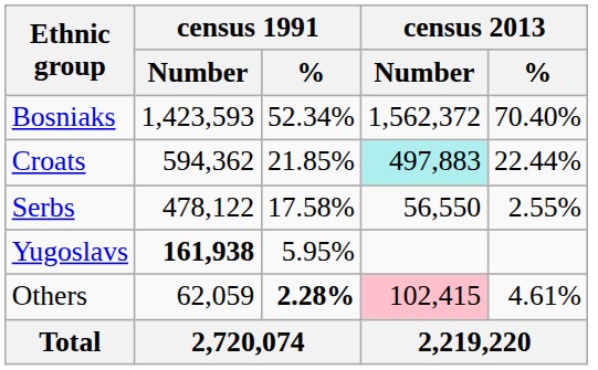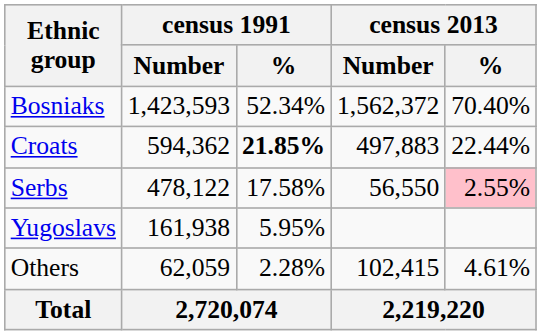 <table class="wikitable">
 <tr>
 <th rowspan="2">Ethnic<br>group</th>
 <th colspan="2">census 1991</th>
 <th colspan="2">census 2013</th>
 </tr>
 <tr>
 <th>Number</th>
 <th>%</th>
 <th>Number</th>
 <th>%</th>
 </tr>
 <tr>
 <td><a href='#'>Bosniaks</a></td>
 <td align="right">1,423,593</td>
 <td align="right">52.34%</td>
 <td align="right">1,562,372</td>
 <td align="right">70.40%</td>
 </tr>
 <tr>
 <td><a href='#'>Croats</a></td>
 <td align="right">594,362</td>
-<td align="right">21.85%</td>
-<td align="right" style="background: paleturquoise;">497,883</td>
+<td align="right"><strong>21.85%</strong></td>
+<td align="right">497,883</td>
 <td align="right">22.44%</td>
 </tr>
 <tr>
 <td><a href='#'>Serbs</a></td>
 <td align="right">478,122</td>
 <td align="right">17.58%</td>
 <td align="right">56,550</td>
-<td align="right">2.55%</td>
+<td align="right" style="background: pink;">2.55%</td>
 </tr>
 <tr>
 <td><a href='#'>Yugoslavs</a></td>
-<td align="right"><strong>161,938</strong></td>
+<td align="right">161,938</td>
 <td align="right">5.95%</td>
 <td align="right"></td>
 <td align="right"></td>
 </tr>
 <tr>
 <td>Others</td>
 <td align="right">62,059</td>
-<td align="right"><strong>2.28%</strong></td>
-<td align="right" style="background: pink;">102,415</td>
+<td align="right">2.28%</td>
+<td align="right">102,415</td>
 <td align="right">4.61%</td>
 </tr>
 <tr class="sortbottom">
 <th>Total</th>
 <th colspan="2" align="right">2,720,074</th>
 <th colspan="2" align="right">2,219,220</th>
 </tr>
 </table>
